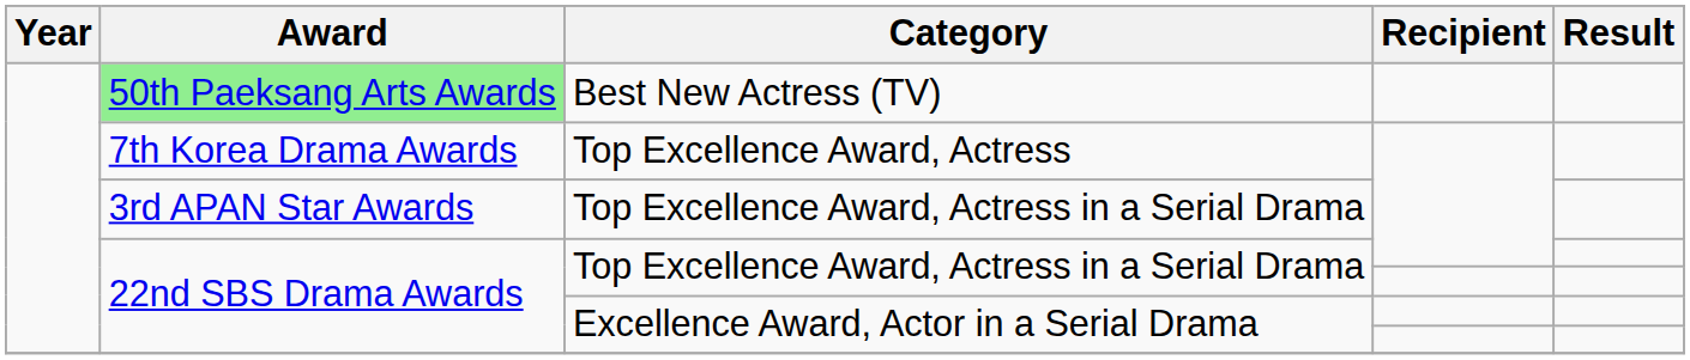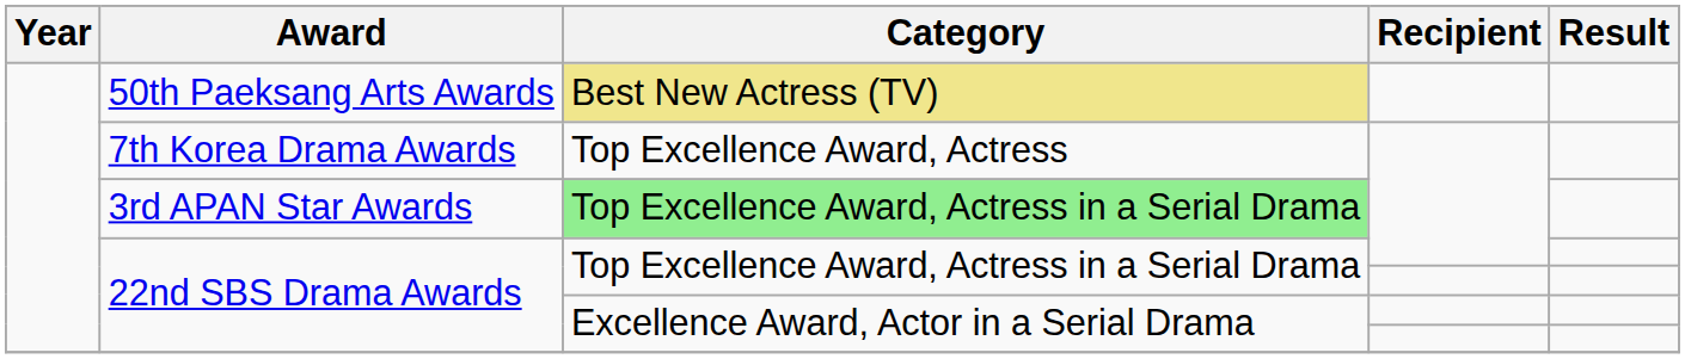 <table class="wikitable">
 <tr>
 <th>Year</th>
 <th>Award</th>
 <th>Category</th>
 <th>Recipient</th>
 <th>Result</th>
 </tr>
 <tr>
 <td rowspan="7"></td>
-<td style="background: lightgreen;"><a href='#'>50th Paeksang Arts Awards</a></td>
-<td>Best New Actress (TV)</td>
+<td><a href='#'>50th Paeksang Arts Awards</a></td>
+<td style="background: khaki;">Best New Actress (TV)</td>
 <td></td>
 <td></td>
 </tr>
 <tr>
 <td><a href='#'>7th Korea Drama Awards</a></td>
 <td>Top Excellence Award, Actress</td>
 <td rowspan="3"></td>
 <td></td>
 </tr>
 <tr>
 <td><a href='#'>3rd APAN Star Awards</a></td>
-<td>Top Excellence Award, Actress in a Serial Drama</td>
+<td style="background: lightgreen;">Top Excellence Award, Actress in a Serial Drama</td>
 <td></td>
 </tr>
 <tr>
 <td rowspan="4"><a href='#'>22nd SBS Drama Awards</a></td>
 <td rowspan="2">Top Excellence Award, Actress in a Serial Drama</td>
 <td></td>
 </tr>
 <tr>
 <td></td>
 <td></td>
 </tr>
 <tr>
 <td rowspan="2">Excellence Award, Actor in a Serial Drama</td>
 <td></td>
 <td></td>
 </tr>
 <tr>
 <td></td>
 <td></td>
 </tr>
 <tr>
 </tr>
 </table>
